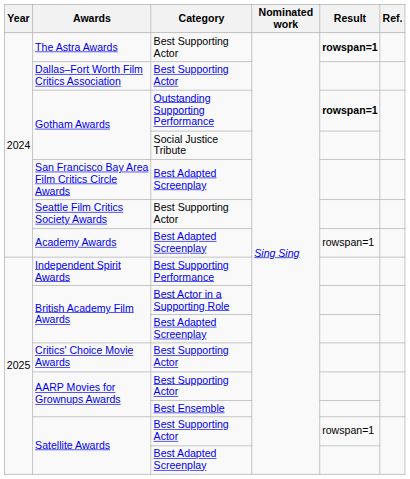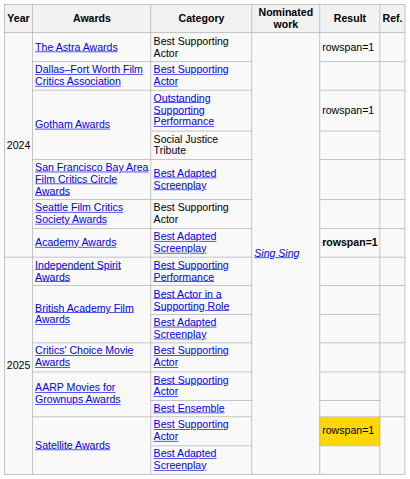 <table class="wikitable">
 <tr>
 <th scope="col">Year</th>
 <th scope="col">Awards</th>
 <th>Category</th>
 <th scope="col">Nominated work</th>
 <th scope="col">Result</th>
 <th>Ref.</th>
 </tr>
 <tr>
 <td rowspan="7">2024</td>
 <td><a href='#'>The Astra Awards</a></td>
 <td>Best Supporting Actor</td>
 <td rowspan="15"><a href='#'><em>Sing Sing</em></a></td>
-<td><strong>rowspan=1 </strong></td>
+<td>rowspan=1 </td>
 <td></td>
 </tr>
 <tr>
 <td><a href='#'>Dallas–Fort Worth Film Critics Association</a></td>
 <td><a href='#'>Best Supporting Actor</a></td>
 <td></td>
 <td></td>
 </tr>
 <tr>
 <td rowspan="2"><a href='#'>Gotham Awards</a></td>
 <td><a href='#'>Outstanding Supporting Performance</a></td>
-<td><strong>rowspan=1 </strong></td>
+<td>rowspan=1 </td>
 <td rowspan=2></td>
 </tr>
 <tr>
 <td>Social Justice Tribute</td>
 <td></td>
 </tr>
 <tr>
 <td><a href='#'>San Francisco Bay Area Film Critics Circle Awards</a></td>
 <td><a href='#'>Best Adapted Screenplay</a></td>
 <td></td>
 <td></td>
 </tr>
 <tr>
 <td><a href='#'>Seattle Film Critics Society Awards</a></td>
 <td>Best Supporting Actor</td>
 <td></td>
 <td></td>
 </tr>
 <tr>
 <td><a href='#'>Academy Awards</a></td>
 <td><a href='#'>Best Adapted Screenplay</a></td>
-<td>rowspan=1 </td>
+<td><strong>rowspan=1 </strong></td>
 <td></td>
 </tr>
 <tr>
 <td rowspan="8">2025</td>
 <td><a href='#'>Independent Spirit Awards</a></td>
 <td><a href='#'>Best Supporting Performance</a></td>
 <td></td>
 <td></td>
 </tr>
 <tr>
 <td rowspan="2"><a href='#'>British Academy Film Awards</a></td>
 <td><a href='#'>Best Actor in a Supporting Role</a></td>
 <td></td>
 <td rowspan="2"></td>
 </tr>
 <tr>
 <td><a href='#'>Best Adapted Screenplay</a></td>
 <td></td>
 </tr>
 <tr>
 <td><a href='#'>Critics' Choice Movie Awards</a></td>
 <td><a href='#'>Best Supporting Actor</a></td>
 <td></td>
 <td></td>
 </tr>
 <tr>
 <td rowspan="2"><a href='#'>AARP Movies for Grownups Awards</a></td>
 <td><a href='#'>Best Supporting Actor</a></td>
 <td></td>
 <td rowspan="2"></td>
 </tr>
 <tr>
 <td><a href='#'>Best Ensemble</a></td>
 <td></td>
 </tr>
 <tr>
 <td rowspan="2"><a href='#'>Satellite Awards</a></td>
 <td><a href='#'>Best Supporting Actor</a></td>
-<td>rowspan=1 </td>
+<td style="background: gold;">rowspan=1 </td>
 <td rowspan="2"></td>
 </tr>
 <tr>
 <td><a href='#'>Best Adapted Screenplay</a></td>
 <td></td>
 </tr>
 </table>
